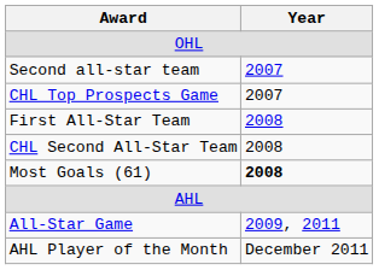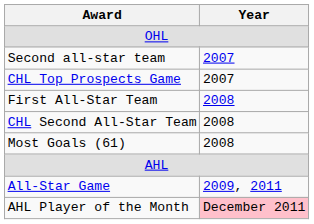 <table class="wikitable">
 <tr>
 <th>Award</th>
 <th>Year</th>
 </tr>
 <tr ALIGN="center" bgcolor="#e0e0e0">
 <td colspan="3"><a href='#'>OHL</a></td>
 </tr>
 <tr>
 <td>Second all-star team</td>
 <td><a href='#'>2007</a></td>
 </tr>
 <tr>
 <td><a href='#'>CHL Top Prospects Game</a></td>
 <td>2007</td>
 </tr>
 <tr>
 <td>First All-Star Team</td>
 <td><a href='#'>2008</a></td>
 </tr>
 <tr>
 <td><a href='#'>CHL</a> Second All-Star Team</td>
 <td>2008</td>
 </tr>
 <tr>
 <td>Most Goals (61)</td>
-<td><strong>2008</strong></td>
+<td>2008</td>
 </tr>
 <tr ALIGN="center" bgcolor="#e0e0e0">
 <td colspan="3"><a href='#'>AHL</a></td>
 </tr>
 <tr>
 <td><a href='#'>All-Star Game</a></td>
 <td><a href='#'>2009</a>, <a href='#'>2011</a></td>
 </tr>
 <tr>
 <td>AHL Player of the Month</td>
-<td>December 2011</td>
+<td style="background: pink;">December 2011</td>
 </tr>
 </table>
